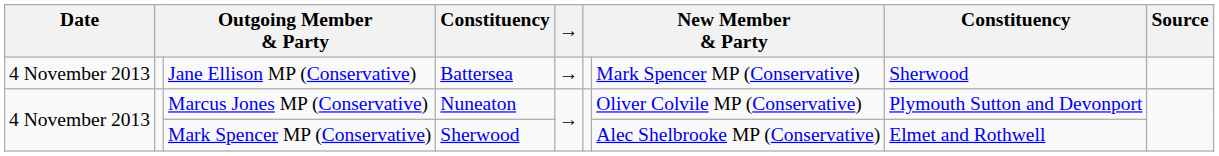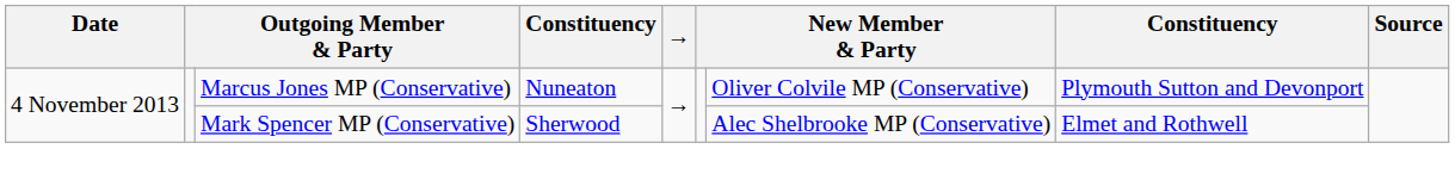 <table class="wikitable">
 <tr>
 <th valign="top">Date</th>
 <th colspan="2" valign="top">Outgoing Member<br>& Party</th>
 <th valign="top">Constituency</th>
 <th>→</th>
 <th colspan="2" valign="top">New Member<br>& Party</th>
 <th valign="top">Constituency</th>
 <th valign="top">Source</th>
-</tr>
-<tr>
-<td nowrap>4 November 2013</td>
-<td style="color:inherit;background:"></td>
-<td><a href='#'>Jane Ellison</a> MP (<a href='#'>Conservative</a>)</td>
-<td><a href='#'>Battersea</a></td>
-<td>→</td>
-<td style="color:inherit;background:"></td>
-<td><a href='#'>Mark Spencer</a> MP (<a href='#'>Conservative</a>)</td>
-<td><a href='#'>Sherwood</a></td>
-<td></td>
 </tr>
 <tr>
 <td nowrap rowspan=2>4 November 2013</td>
 <td rowspan=2 style="color:inherit;background:"></td>
 <td><a href='#'>Marcus Jones</a> MP (<a href='#'>Conservative</a>)</td>
 <td><a href='#'>Nuneaton</a></td>
 <td rowspan=2>→</td>
 <td rowspan=2 style="color:inherit;background:"></td>
 <td><a href='#'>Oliver Colvile</a> MP (<a href='#'>Conservative</a>)</td>
 <td><a href='#'>Plymouth Sutton and Devonport</a></td>
 <td rowspan=2></td>
 </tr>
 <tr>
 <td><a href='#'>Mark Spencer</a> MP (<a href='#'>Conservative</a>)</td>
 <td><a href='#'>Sherwood</a></td>
 <td><a href='#'>Alec Shelbrooke</a> MP (<a href='#'>Conservative</a>)</td>
 <td><a href='#'>Elmet and Rothwell</a></td>
 </tr>
 </table>
